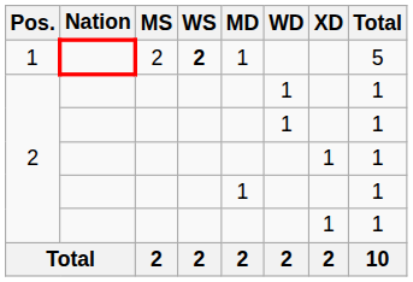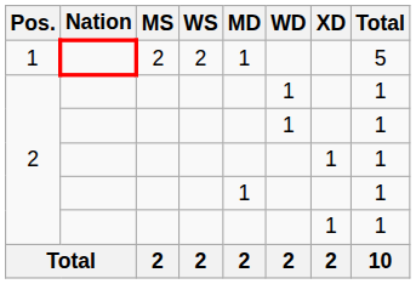 <table class="wikitable" style="text-align:center">
 <tr>
 <th>Pos.</th>
 <th>Nation</th>
 <th>MS</th>
 <th>WS</th>
 <th>MD</th>
 <th>WD</th>
 <th>XD</th>
 <th>Total</th>
 </tr>
 <tr>
 <td>1</td>
 <td align="left" style="border: 3px solid red"><strong></strong></td>
 <td>2</td>
-<td><strong>2</strong></td>
+<td>2</td>
 <td>1</td>
 <td></td>
 <td></td>
 <td>5</td>
 </tr>
 <tr>
 <td rowspan="5">2</td>
 <td align="left"></td>
 <td></td>
 <td></td>
 <td></td>
 <td>1</td>
 <td></td>
 <td>1</td>
 </tr>
 <tr>
 <td align="left"></td>
 <td></td>
 <td></td>
 <td></td>
 <td>1</td>
 <td></td>
 <td>1</td>
 </tr>
 <tr>
 <td align="left"></td>
 <td></td>
 <td></td>
 <td></td>
 <td></td>
 <td>1</td>
 <td>1</td>
 </tr>
 <tr>
 <td align="left"></td>
 <td></td>
 <td></td>
 <td>1</td>
 <td></td>
 <td></td>
 <td>1</td>
 </tr>
 <tr>
 <td align="left"></td>
 <td></td>
 <td></td>
 <td></td>
 <td></td>
 <td>1</td>
 <td>1</td>
 </tr>
 <tr>
 <th colspan="2">Total</th>
 <th>2</th>
 <th>2</th>
 <th>2</th>
 <th>2</th>
 <th>2</th>
 <th>10</th>
 </tr>
 </table>
